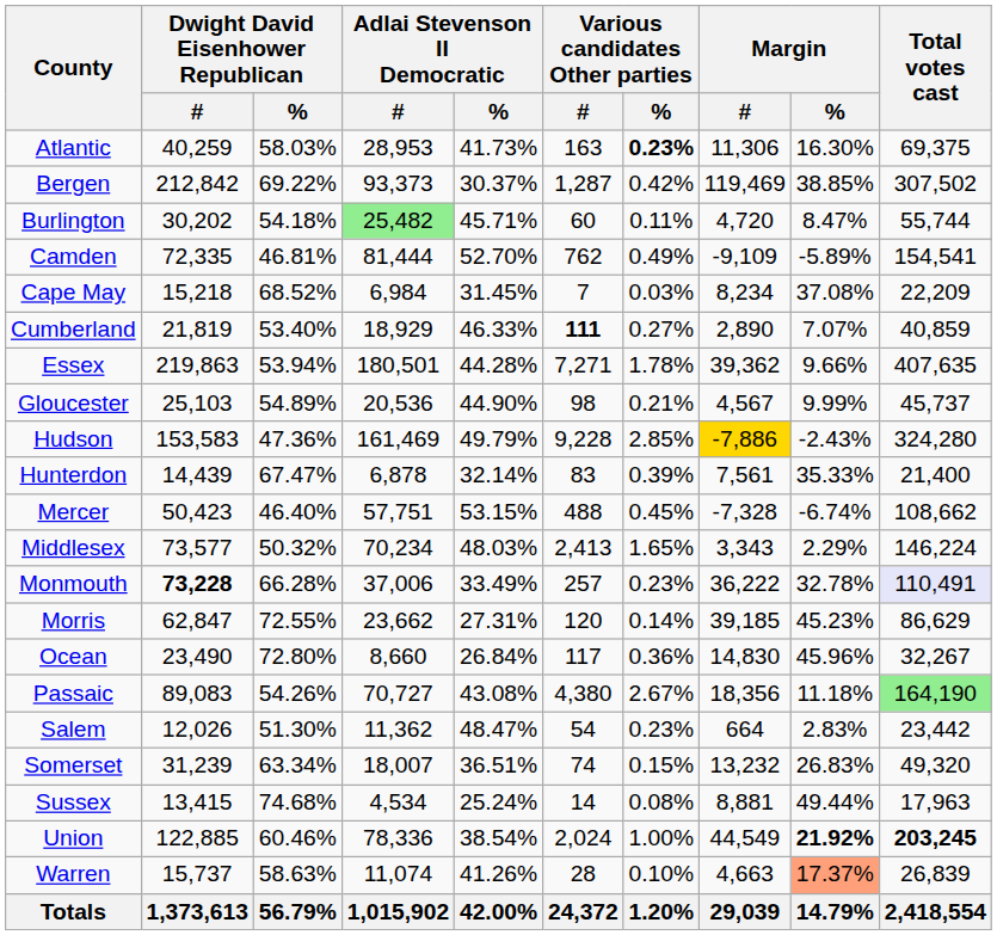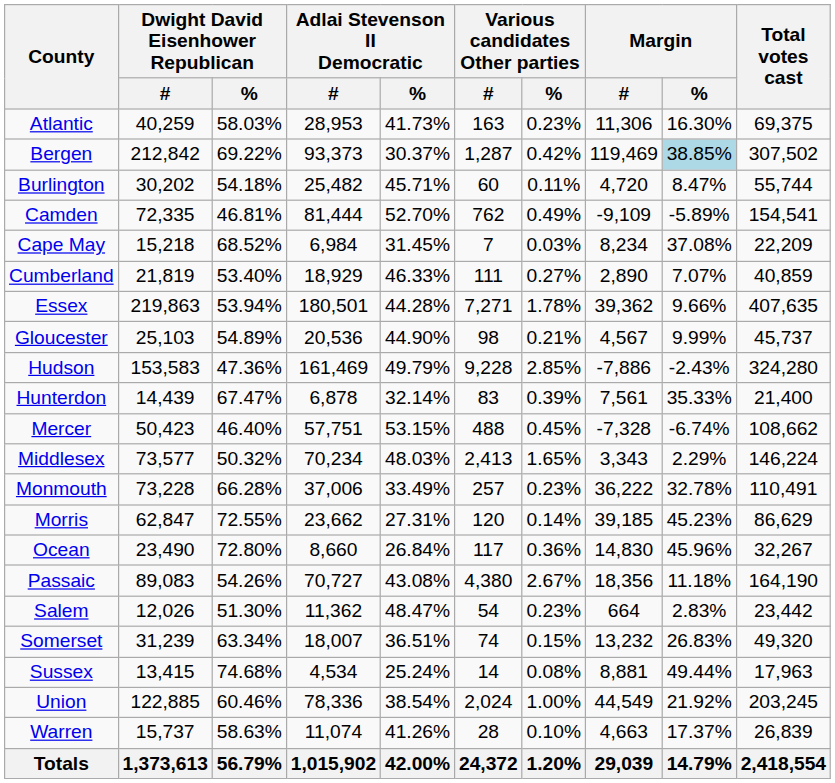 <table width="60%"  class="wikitable sortable" style="text-align:center">
 <tr>
 <th style="text-align:center;" rowspan="2">County</th>
 <th style="text-align:center;" colspan="2">Dwight David Eisenhower<br>Republican</th>
 <th style="text-align:center;" colspan="2">Adlai Stevenson II<br>Democratic</th>
 <th style="text-align:center;" colspan="2">Various candidates<br>Other parties</th>
 <th style="text-align:center;" colspan="2">Margin</th>
 <th style="text-align:center;" rowspan="2">Total votes cast</th>
 </tr>
 <tr>
 <th data-sort-type="number">#</th>
 <th data-sort-type="number">%</th>
 <th data-sort-type="number">#</th>
 <th data-sort-type="number">%</th>
 <th data-sort-type="number">#</th>
 <th data-sort-type="number">%</th>
 <th data-sort-type="number">#</th>
 <th data-sort-type="number">%</th>
 </tr>
 <tr style="text-align:center;">
 <td><a href='#'>Atlantic</a></td>
 <td>40,259</td>
 <td>58.03%</td>
 <td>28,953</td>
 <td>41.73%</td>
 <td>163</td>
-<td><strong>0.23%</strong></td>
+<td>0.23%</td>
 <td>11,306</td>
 <td>16.30%</td>
 <td>69,375</td>
 </tr>
 <tr style="text-align:center;">
 <td><a href='#'>Bergen</a></td>
 <td>212,842</td>
 <td>69.22%</td>
 <td>93,373</td>
 <td>30.37%</td>
 <td>1,287</td>
 <td>0.42%</td>
 <td>119,469</td>
-<td>38.85%</td>
+<td style="background: lightblue;">38.85%</td>
 <td>307,502</td>
 </tr>
 <tr style="text-align:center;">
 <td><a href='#'>Burlington</a></td>
 <td>30,202</td>
 <td>54.18%</td>
-<td style="background: lightgreen;">25,482</td>
+<td>25,482</td>
 <td>45.71%</td>
 <td>60</td>
 <td>0.11%</td>
 <td>4,720</td>
 <td>8.47%</td>
 <td>55,744</td>
 </tr>
 <tr style="text-align:center;">
 <td><a href='#'>Camden</a></td>
 <td>72,335</td>
 <td>46.81%</td>
 <td>81,444</td>
 <td>52.70%</td>
 <td>762</td>
 <td>0.49%</td>
 <td>-9,109</td>
 <td>-5.89%</td>
 <td>154,541</td>
 </tr>
 <tr style="text-align:center;">
 <td><a href='#'>Cape May</a></td>
 <td>15,218</td>
 <td>68.52%</td>
 <td>6,984</td>
 <td>31.45%</td>
 <td>7</td>
 <td>0.03%</td>
 <td>8,234</td>
 <td>37.08%</td>
 <td>22,209</td>
 </tr>
 <tr style="text-align:center;">
 <td><a href='#'>Cumberland</a></td>
 <td>21,819</td>
 <td>53.40%</td>
 <td>18,929</td>
 <td>46.33%</td>
-<td><strong>111</strong></td>
+<td>111</td>
 <td>0.27%</td>
 <td>2,890</td>
 <td>7.07%</td>
 <td>40,859</td>
 </tr>
 <tr style="text-align:center;">
 <td><a href='#'>Essex</a></td>
 <td>219,863</td>
 <td>53.94%</td>
 <td>180,501</td>
 <td>44.28%</td>
 <td>7,271</td>
 <td>1.78%</td>
 <td>39,362</td>
 <td>9.66%</td>
 <td>407,635</td>
 </tr>
 <tr style="text-align:center;">
 <td><a href='#'>Gloucester</a></td>
 <td>25,103</td>
 <td>54.89%</td>
 <td>20,536</td>
 <td>44.90%</td>
 <td>98</td>
 <td>0.21%</td>
 <td>4,567</td>
 <td>9.99%</td>
 <td>45,737</td>
 </tr>
 <tr style="text-align:center;">
 <td><a href='#'>Hudson</a></td>
 <td>153,583</td>
 <td>47.36%</td>
 <td>161,469</td>
 <td>49.79%</td>
 <td>9,228</td>
 <td>2.85%</td>
-<td style="background: gold;">-7,886</td>
+<td>-7,886</td>
 <td>-2.43%</td>
 <td>324,280</td>
 </tr>
 <tr style="text-align:center;">
 <td><a href='#'>Hunterdon</a></td>
 <td>14,439</td>
 <td>67.47%</td>
 <td>6,878</td>
 <td>32.14%</td>
 <td>83</td>
 <td>0.39%</td>
 <td>7,561</td>
 <td>35.33%</td>
 <td>21,400</td>
 </tr>
 <tr style="text-align:center;">
 <td><a href='#'>Mercer</a></td>
 <td>50,423</td>
 <td>46.40%</td>
 <td>57,751</td>
 <td>53.15%</td>
 <td>488</td>
 <td>0.45%</td>
 <td>-7,328</td>
 <td>-6.74%</td>
 <td>108,662</td>
 </tr>
 <tr style="text-align:center;">
 <td><a href='#'>Middlesex</a></td>
 <td>73,577</td>
 <td>50.32%</td>
 <td>70,234</td>
 <td>48.03%</td>
 <td>2,413</td>
 <td>1.65%</td>
 <td>3,343</td>
 <td>2.29%</td>
 <td>146,224</td>
 </tr>
 <tr style="text-align:center;">
 <td><a href='#'>Monmouth</a></td>
-<td><strong>73,228</strong></td>
+<td>73,228</td>
 <td>66.28%</td>
 <td>37,006</td>
 <td>33.49%</td>
 <td>257</td>
 <td>0.23%</td>
 <td>36,222</td>
 <td>32.78%</td>
-<td style="background: lavender;">110,491</td>
+<td>110,491</td>
 </tr>
 <tr style="text-align:center;">
 <td><a href='#'>Morris</a></td>
 <td>62,847</td>
 <td>72.55%</td>
 <td>23,662</td>
 <td>27.31%</td>
 <td>120</td>
 <td>0.14%</td>
 <td>39,185</td>
 <td>45.23%</td>
 <td>86,629</td>
 </tr>
 <tr style="text-align:center;">
 <td><a href='#'>Ocean</a></td>
 <td>23,490</td>
 <td>72.80%</td>
 <td>8,660</td>
 <td>26.84%</td>
 <td>117</td>
 <td>0.36%</td>
 <td>14,830</td>
 <td>45.96%</td>
 <td>32,267</td>
 </tr>
 <tr style="text-align:center;">
 <td><a href='#'>Passaic</a></td>
 <td>89,083</td>
 <td>54.26%</td>
 <td>70,727</td>
 <td>43.08%</td>
 <td>4,380</td>
 <td>2.67%</td>
 <td>18,356</td>
 <td>11.18%</td>
-<td style="background: lightgreen;">164,190</td>
+<td>164,190</td>
 </tr>
 <tr style="text-align:center;">
 <td><a href='#'>Salem</a></td>
 <td>12,026</td>
 <td>51.30%</td>
 <td>11,362</td>
 <td>48.47%</td>
 <td>54</td>
 <td>0.23%</td>
 <td>664</td>
 <td>2.83%</td>
 <td>23,442</td>
 </tr>
 <tr style="text-align:center;">
 <td><a href='#'>Somerset</a></td>
 <td>31,239</td>
 <td>63.34%</td>
 <td>18,007</td>
 <td>36.51%</td>
 <td>74</td>
 <td>0.15%</td>
 <td>13,232</td>
 <td>26.83%</td>
 <td>49,320</td>
 </tr>
 <tr style="text-align:center;">
 <td><a href='#'>Sussex</a></td>
 <td>13,415</td>
 <td>74.68%</td>
 <td>4,534</td>
 <td>25.24%</td>
 <td>14</td>
 <td>0.08%</td>
 <td>8,881</td>
 <td>49.44%</td>
 <td>17,963</td>
 </tr>
 <tr style="text-align:center;">
 <td><a href='#'>Union</a></td>
 <td>122,885</td>
 <td>60.46%</td>
 <td>78,336</td>
 <td>38.54%</td>
 <td>2,024</td>
 <td>1.00%</td>
 <td>44,549</td>
-<td><strong>21.92%</strong></td>
-<td><strong>203,245</strong></td>
+<td>21.92%</td>
+<td>203,245</td>
 </tr>
 <tr style="text-align:center;">
 <td><a href='#'>Warren</a></td>
 <td>15,737</td>
 <td>58.63%</td>
 <td>11,074</td>
 <td>41.26%</td>
 <td>28</td>
 <td>0.10%</td>
 <td>4,663</td>
-<td style="background: lightsalmon;">17.37%</td>
+<td>17.37%</td>
 <td>26,839</td>
 </tr>
 <tr style="text-align:center;">
 <th>Totals</th>
 <th>1,373,613</th>
 <th>56.79%</th>
 <th>1,015,902</th>
 <th>42.00%</th>
 <th>24,372</th>
 <th>1.20%</th>
 <th>29,039</th>
 <th>14.79%</th>
 <th>2,418,554</th>
 </tr>
 </table>
